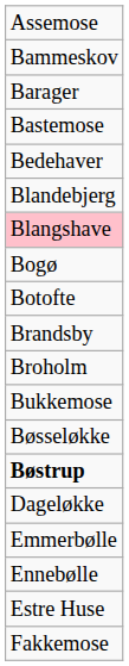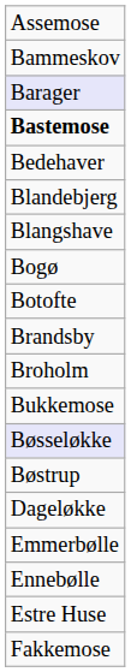 <table class="wikitable" style="float:left; margin-right:1em">
 <tr>
 <td>Assemose</td>
 </tr>
 <tr>
 <td>Bammeskov</td>
 </tr>
 <tr>
-<td>Barager</td>
+<td style="background: lavender;">Barager</td>
 </tr>
 <tr>
-<td>Bastemose</td>
+<td><strong>Bastemose</strong></td>
 </tr>
 <tr>
 <td>Bedehaver</td>
 </tr>
 <tr>
 <td>Blandebjerg</td>
 </tr>
 <tr>
-<td style="background: pink;">Blangshave</td>
+<td>Blangshave</td>
 </tr>
 <tr>
 <td>Bogø</td>
 </tr>
 <tr>
 <td>Botofte</td>
 </tr>
 <tr>
 <td>Brandsby</td>
 </tr>
 <tr>
 <td>Broholm</td>
 </tr>
 <tr>
 <td>Bukkemose</td>
 </tr>
 <tr>
-<td>Bøsseløkke</td>
+<td style="background: lavender;">Bøsseløkke</td>
 </tr>
 <tr>
-<td><strong>Bøstrup</strong></td>
+<td>Bøstrup</td>
 </tr>
 <tr>
 <td>Dageløkke</td>
 </tr>
 <tr>
 <td>Emmerbølle</td>
 </tr>
 <tr>
 <td>Ennebølle</td>
 </tr>
 <tr>
 <td>Estre Huse</td>
 </tr>
 <tr>
 <td>Fakkemose</td>
 </tr>
 </table>
